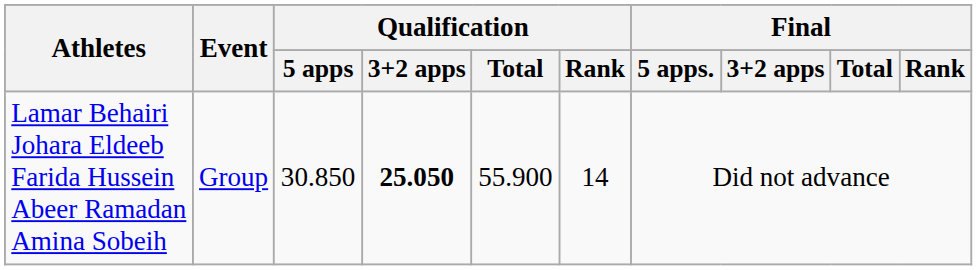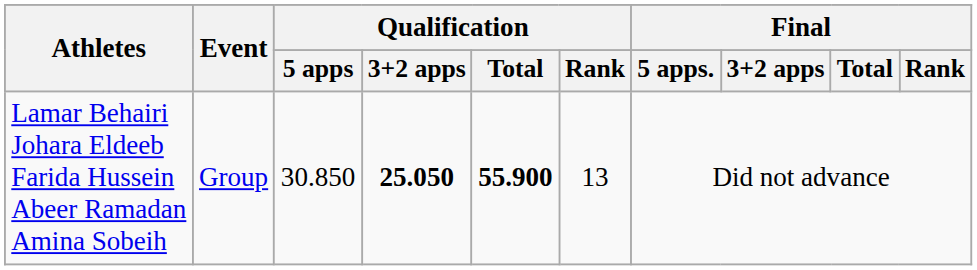 <table class="wikitable" style="text-align:center; font-size:90%">
 <tr>
 <th rowspan="2">Athletes</th>
 <th rowspan="2">Event</th>
 <th colspan="4">Qualification</th>
 <th colspan="4">Final</th>
 </tr>
 <tr style="font-size:95%">
 <th>5 apps</th>
 <th>3+2 apps</th>
 <th>Total</th>
 <th>Rank</th>
 <th>5 apps.</th>
 <th>3+2 apps</th>
 <th>Total</th>
 <th>Rank</th>
 </tr>
 <tr>
 <td align=left><a href='#'>Lamar Behairi</a><br><a href='#'>Johara Eldeeb</a><br><a href='#'>Farida Hussein</a><br><a href='#'>Abeer Ramadan</a><br><a href='#'>Amina Sobeih</a></td>
 <td align=left><a href='#'>Group</a></td>
 <td>30.850</td>
 <td><strong>25.050</strong></td>
-<td>55.900</td>
-<td>14</td>
+<td><strong>55.900</strong></td>
+<td>13</td>
 <td colspan="4">Did not advance</td>
 </tr>
 </table>
